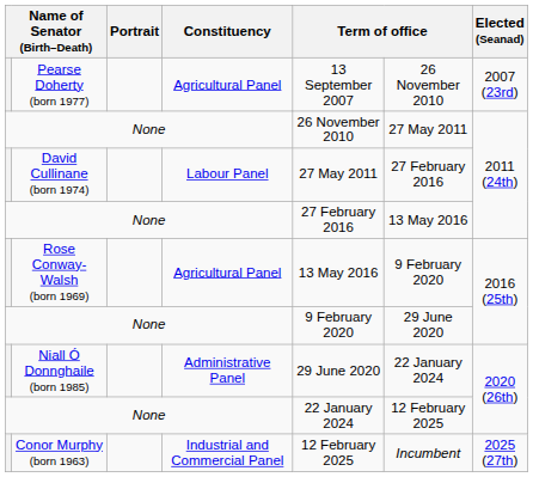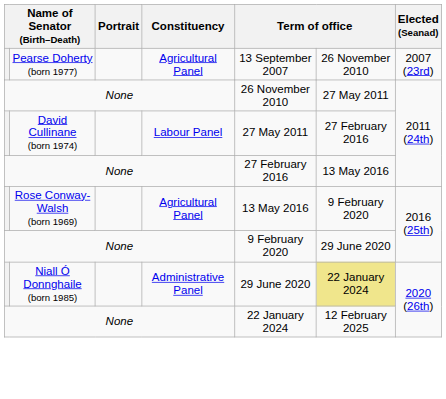 <table class="wikitable" style="text-align:center">
 <tr>
 <th colspan=2>Name of Senator<br><small>(Birth–Death)</small></th>
 <th>Portrait</th>
 <th>Constituency</th>
 <th colspan=2>Term of office</th>
 <th>Elected<br><small>(Seanad)</small></th>
 </tr>
 <tr>
 <th style="background:"></th>
 <td><a href='#'>Pearse Doherty</a><br><small>(born 1977)</small></td>
 <td></td>
 <td><a href='#'>Agricultural Panel</a></td>
 <td>13 September 2007</td>
 <td>26 November 2010</td>
 <td rowspan=2>2007<br>(<a href='#'>23rd</a>)</td>
 </tr>
 <tr>
 <td colspan=4 rowspan=2><em>None</em></td>
 <td rowspan=2>26 November 2010</td>
 <td rowspan=2>27 May 2011</td>
 </tr>
 <tr>
 <td rowspan=3>2011<br>(<a href='#'>24th</a>)</td>
 </tr>
 <tr>
 <th style="background:"></th>
 <td><a href='#'>David Cullinane</a><br><small>(born 1974)</small></td>
 <td></td>
 <td><a href='#'>Labour Panel</a></td>
 <td>27 May 2011</td>
 <td>27 February 2016</td>
 </tr>
 <tr>
 <td colspan=4><em>None</em></td>
 <td>27 February 2016</td>
 <td>13 May 2016</td>
 </tr>
 <tr>
 <th style="background:"></th>
 <td><a href='#'>Rose Conway-Walsh</a><br><small>(born 1969)</small></td>
 <td></td>
 <td><a href='#'>Agricultural Panel</a></td>
 <td>13 May 2016</td>
 <td>9 February 2020</td>
 <td rowspan=2>2016<br>(<a href='#'>25th</a>)</td>
 </tr>
 <tr>
 <td colspan=4><em>None</em></td>
 <td>9 February 2020</td>
 <td>29 June 2020</td>
 </tr>
 <tr>
 <th style="background:"></th>
 <td><a href='#'>Niall Ó Donnghaile</a><br><small>(born 1985)</small></td>
 <td></td>
 <td><a href='#'>Administrative Panel</a></td>
 <td>29 June 2020</td>
-<td>22 January 2024</td>
+<td style="background: khaki;">22 January 2024</td>
 <td rowspan=2><a href='#'>2020</a><br>(<a href='#'>26th</a>)</td>
 </tr>
 <tr>
 <td colspan=4><em>None</em></td>
 <td>22 January 2024</td>
 <td>12 February 2025</td>
 </tr>
-<tr>
-<th style="background:"></th>
-<td><a href='#'>Conor Murphy</a> <br><small>(born 1963)</small></td>
-<td></td>
-<td><a href='#'>Industrial and Commercial Panel</a></td>
-<td>12 February 2025</td>
-<td><em>Incumbent</em></td>
-<td><a href='#'>2025</a><br>(<a href='#'>27th</a>)</td>
-</tr>
 </table>
